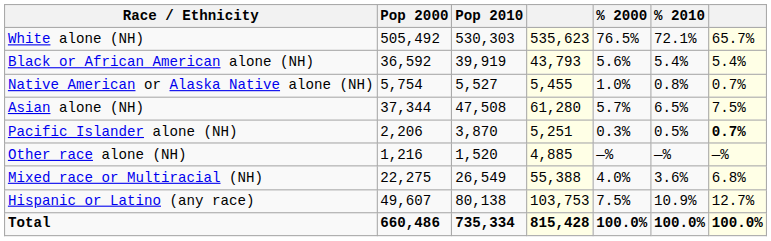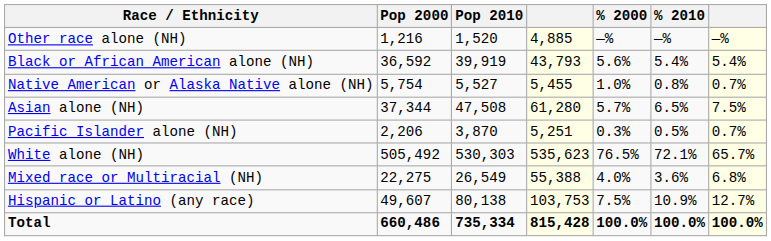 <table class="wikitable">
 <tr>
 <th>Race / Ethnicity</th>
 <th>Pop 2000</th>
 <th>Pop 2010</th>
 <th></th>
 <th>% 2000</th>
 <th>% 2010</th>
 <th></th>
 </tr>
 <tr>
-<td><a href='#'>White</a> alone (NH)</td>
-<td>505,492</td>
-<td>530,303</td>
-<td style='background: #ffffe6;'>535,623</td>
-<td>76.5%</td>
-<td>72.1%</td>
-<td style='background: #ffffe6;'>65.7%</td>
+<td><a href='#'>Other race</a> alone (NH)</td>
+<td>1,216</td>
+<td>1,520</td>
+<td style='background: #ffffe6;'>4,885</td>
+<td>—%</td>
+<td>—%</td>
+<td style='background: #ffffe6;'>—%</td>
 </tr>
 <tr>
 <td><a href='#'>Black or African American</a> alone (NH)</td>
 <td>36,592</td>
 <td>39,919</td>
 <td style='background: #ffffe6;'>43,793</td>
 <td>5.6%</td>
 <td>5.4%</td>
 <td style='background: #ffffe6;'>5.4%</td>
 </tr>
 <tr>
 <td><a href='#'>Native American</a> or <a href='#'>Alaska Native</a> alone (NH)</td>
 <td>5,754</td>
 <td>5,527</td>
 <td style='background: #ffffe6;'>5,455</td>
 <td>1.0%</td>
 <td>0.8%</td>
 <td style='background: #ffffe6;'>0.7%</td>
 </tr>
 <tr>
 <td><a href='#'>Asian</a> alone (NH)</td>
 <td>37,344</td>
 <td>47,508</td>
 <td style='background: #ffffe6;'>61,280</td>
 <td>5.7%</td>
 <td>6.5%</td>
 <td style='background: #ffffe6;'>7.5%</td>
 </tr>
 <tr>
 <td><a href='#'>Pacific Islander</a> alone (NH)</td>
 <td>2,206</td>
 <td>3,870</td>
 <td style='background: #ffffe6;'>5,251</td>
 <td>0.3%</td>
 <td>0.5%</td>
-<td style='background: #ffffe6;'><strong>0.7%</strong></td>
+<td style='background: #ffffe6;'>0.7%</td>
 </tr>
 <tr>
-<td><a href='#'>Other race</a> alone (NH)</td>
-<td>1,216</td>
-<td>1,520</td>
-<td style='background: #ffffe6;'>4,885</td>
-<td>—%</td>
-<td>—%</td>
-<td style='background: #ffffe6;'>—%</td>
+<td><a href='#'>White</a> alone (NH)</td>
+<td>505,492</td>
+<td>530,303</td>
+<td style='background: #ffffe6;'>535,623</td>
+<td>76.5%</td>
+<td>72.1%</td>
+<td style='background: #ffffe6;'>65.7%</td>
 </tr>
 <tr>
 <td><a href='#'>Mixed race or Multiracial</a> (NH)</td>
 <td>22,275</td>
 <td>26,549</td>
 <td style='background: #ffffe6;'>55,388</td>
 <td>4.0%</td>
 <td>3.6%</td>
 <td style='background: #ffffe6;'>6.8%</td>
 </tr>
 <tr>
 <td><a href='#'>Hispanic or Latino</a> (any race)</td>
 <td>49,607</td>
 <td>80,138</td>
 <td style='background: #ffffe6;'>103,753</td>
 <td>7.5%</td>
 <td>10.9%</td>
 <td style='background: #ffffe6;'>12.7%</td>
 </tr>
 <tr>
 <td><strong>Total</strong></td>
 <td><strong>660,486</strong></td>
 <td><strong>735,334</strong></td>
 <td style='background: #ffffe6;'><strong>815,428</strong></td>
 <td><strong>100.0%</strong></td>
 <td><strong>100.0%</strong></td>
 <td style='background: #ffffe6;'><strong>100.0%</strong></td>
 </tr>
 </table>
